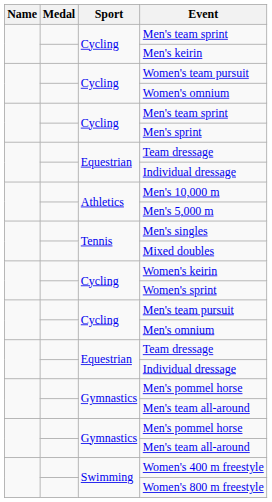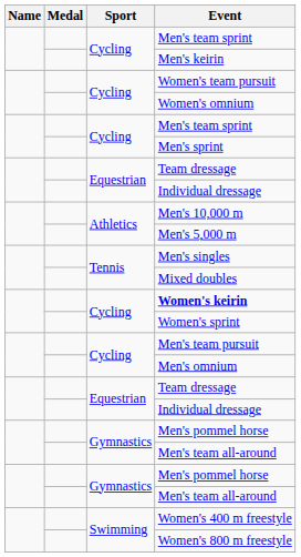 <table class="wikitable sortable" style="font-size:90%">
 <tr>
 <th>Name</th>
 <th>Medal</th>
 <th>Sport</th>
 <th>Event</th>
 </tr>
 <tr>
 <td rowspan=2></td>
 <td></td>
 <td rowspan=2><a href='#'>Cycling</a></td>
 <td><a href='#'>Men's team sprint</a></td>
 </tr>
 <tr>
 <td></td>
 <td><a href='#'>Men's keirin</a></td>
 </tr>
 <tr>
 <td rowspan=2></td>
 <td></td>
 <td rowspan=2><a href='#'>Cycling</a></td>
 <td><a href='#'>Women's team pursuit</a></td>
 </tr>
 <tr>
 <td></td>
 <td><a href='#'>Women's omnium</a></td>
 </tr>
 <tr>
 <td rowspan=2></td>
 <td></td>
 <td rowspan=2><a href='#'>Cycling</a></td>
 <td><a href='#'>Men's team sprint</a></td>
 </tr>
 <tr>
 <td></td>
 <td><a href='#'>Men's sprint</a></td>
 </tr>
 <tr>
 <td rowspan=2></td>
 <td></td>
 <td rowspan=2><a href='#'>Equestrian</a></td>
 <td><a href='#'>Team dressage</a></td>
 </tr>
 <tr>
 <td></td>
 <td><a href='#'>Individual dressage</a></td>
 </tr>
 <tr>
 <td rowspan=2></td>
 <td></td>
 <td rowspan=2><a href='#'>Athletics</a></td>
 <td><a href='#'>Men's 10,000 m</a></td>
 </tr>
 <tr>
 <td></td>
 <td><a href='#'>Men's 5,000 m</a></td>
 </tr>
 <tr>
 <td rowspan=2></td>
 <td></td>
 <td rowspan=2><a href='#'>Tennis</a></td>
 <td><a href='#'>Men's singles</a></td>
 </tr>
 <tr>
 <td></td>
 <td><a href='#'>Mixed doubles</a></td>
 </tr>
 <tr>
 <td rowspan=2></td>
 <td></td>
 <td rowspan=2><a href='#'>Cycling</a></td>
-<td><a href='#'>Women's keirin</a></td>
+<td><strong><a href='#'>Women's keirin</a></strong></td>
 </tr>
 <tr>
 <td></td>
 <td><a href='#'>Women's sprint</a></td>
 </tr>
 <tr>
 <td rowspan=2></td>
 <td></td>
 <td rowspan=2><a href='#'>Cycling</a></td>
 <td><a href='#'>Men's team pursuit</a></td>
 </tr>
 <tr>
 <td></td>
 <td><a href='#'>Men's omnium</a></td>
 </tr>
 <tr>
 <td rowspan=2></td>
 <td></td>
 <td rowspan=2><a href='#'>Equestrian</a></td>
 <td><a href='#'>Team dressage</a></td>
 </tr>
 <tr>
 <td></td>
 <td><a href='#'>Individual dressage</a></td>
 </tr>
 <tr>
 <td rowspan=2></td>
 <td></td>
 <td rowspan=2><a href='#'>Gymnastics</a></td>
 <td><a href='#'>Men's pommel horse</a></td>
 </tr>
 <tr>
 <td></td>
 <td><a href='#'>Men's team all-around</a></td>
 </tr>
 <tr>
 <td rowspan=2></td>
 <td></td>
 <td rowspan=2><a href='#'>Gymnastics</a></td>
 <td><a href='#'>Men's pommel horse</a></td>
 </tr>
 <tr>
 <td></td>
 <td><a href='#'>Men's team all-around</a></td>
 </tr>
 <tr>
 <td rowspan=2></td>
 <td></td>
 <td rowspan=2><a href='#'>Swimming</a></td>
 <td><a href='#'>Women's 400 m freestyle</a></td>
 </tr>
 <tr>
 <td></td>
 <td><a href='#'>Women's 800 m freestyle</a></td>
 </tr>
 </table>
